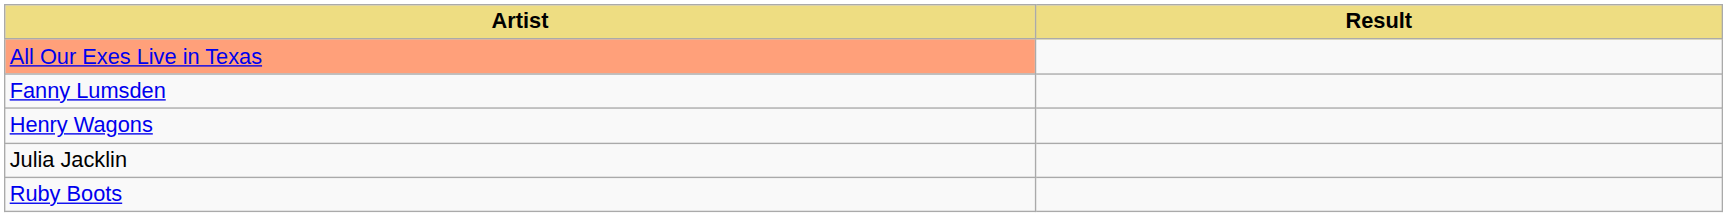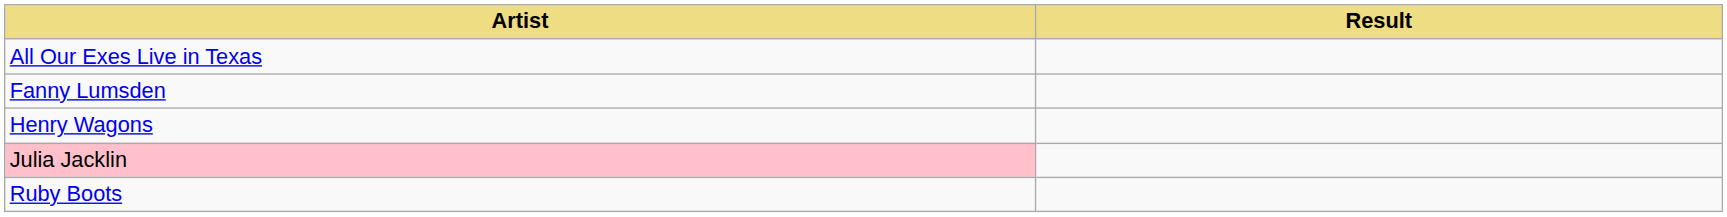 <table class="wikitable" width=100%>
 <tr>
 <th style="width:15%;background:#EEDD82;">Artist</th>
 <th style="width:10%;background:#EEDD82;">Result</th>
 </tr>
 <tr>
-<td style="background: lightsalmon;"><a href='#'>All Our Exes Live in Texas</a></td>
+<td><a href='#'>All Our Exes Live in Texas</a></td>
 <td></td>
 </tr>
 <tr>
 <td><a href='#'>Fanny Lumsden</a></td>
 <td></td>
 </tr>
 <tr>
 <td><a href='#'>Henry Wagons</a></td>
 <td></td>
 </tr>
 <tr>
-<td>Julia Jacklin</td>
+<td style="background: pink;">Julia Jacklin</td>
 <td></td>
 </tr>
 <tr>
 <td><a href='#'>Ruby Boots</a></td>
 <td></td>
 </tr>
 </table>
